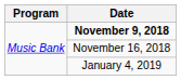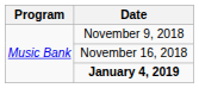 <table class="wikitable" style="text-align:center">
 <tr>
 <th>Program</th>
 <th width="150">Date</th>
 </tr>
 <tr>
 <td rowspan="3"><a href='#'><em>Music Bank</em></a></td>
-<td><strong>November 9, 2018</strong></td>
+<td>November 9, 2018</td>
 </tr>
 <tr>
 <td>November 16, 2018</td>
 </tr>
 <tr>
-<td>January 4, 2019</td>
+<td><strong>January 4, 2019</strong></td>
 </tr>
 </table>
